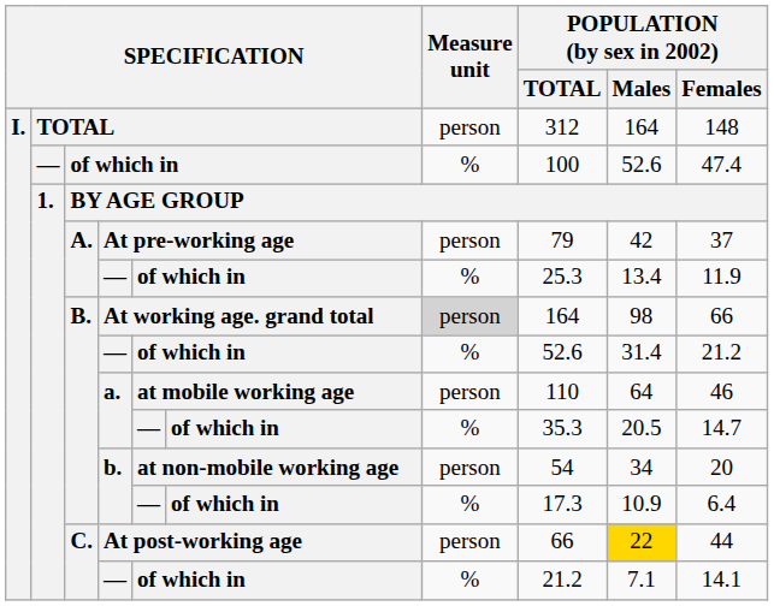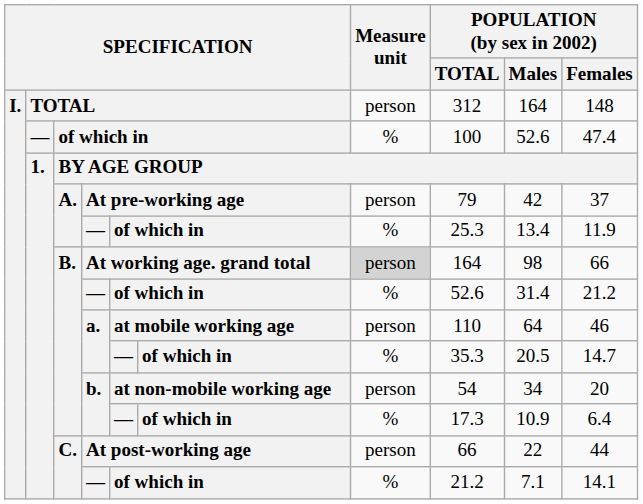 <table class="wikitable" style="font-size:85%; text-align:center">
 <tr>
 <th rowspan="2" colspan="6">SPECIFICATION</th>
 <th rowspan="2">Measure<br> unit</th>
 <th colspan="3" rowspan="1">POPULATION<br> (by sex in 2002)</th>
 </tr>
 <tr>
 <th>TOTAL</th>
 <th>Males</th>
 <th>Females</th>
 </tr>
 <tr>
 <th style="text-align:left" valign="top" rowspan="13">I.</th>
 <th style="text-align:left" colspan="5">TOTAL</th>
 <td>person</td>
 <td>312</td>
 <td>164</td>
 <td>148</td>
 </tr>
 <tr>
 <th style="text-align:left" valign="top">—</th>
 <th style="text-align:left" colspan="4">of which in</th>
 <td>%</td>
 <td>100</td>
 <td>52.6</td>
 <td>47.4</td>
 </tr>
 <tr>
 <th style="text-align:left" valign="top" rowspan="11">1.</th>
 <th style="text-align:left" colspan="19">BY AGE GROUP</th>
 </tr>
 <tr>
 <th style="text-align:left" valign="top" rowspan="2">A.</th>
 <th style="text-align:left" colspan="3">At pre-working age</th>
 <td>person</td>
 <td>79</td>
 <td>42</td>
 <td>37</td>
 </tr>
 <tr>
 <th style="text-align:left" valign="top">—</th>
 <th style="text-align:left" valign="top" colspan="2">of which in</th>
 <td>%</td>
 <td>25.3</td>
 <td>13.4</td>
 <td>11.9</td>
 </tr>
 <tr>
 <th style="text-align:left" valign="top" rowspan="6">B.</th>
 <th style="text-align:left" colspan="3">At working age. grand total</th>
 <td style="background: lightgrey;">person</td>
 <td>164</td>
 <td>98</td>
 <td>66</td>
 </tr>
 <tr>
 <th style="text-align:left" valign="top">—</th>
 <th style="text-align:left" valign="top" colspan="2">of which in</th>
 <td>%</td>
 <td>52.6</td>
 <td>31.4</td>
 <td>21.2</td>
 </tr>
 <tr>
 <th style="text-align:left" valign="top" rowspan="2">a.</th>
 <th style="text-align:left" colspan="2">at mobile working age</th>
 <td>person</td>
 <td>110</td>
 <td>64</td>
 <td>46</td>
 </tr>
 <tr>
 <th style="text-align:left" valign="top">—</th>
 <th style="text-align:left" valign="top" colspan="1">of which in                        </th>
 <td>%</td>
 <td>35.3</td>
 <td>20.5</td>
 <td>14.7</td>
 </tr>
 <tr>
 <th style="text-align:left" valign="top" rowspan="2">b.</th>
 <th style="text-align:left" colspan="2">at non-mobile working age</th>
 <td>person</td>
 <td>54</td>
 <td>34</td>
 <td>20</td>
 </tr>
 <tr>
 <th style="text-align:left" valign="top">—</th>
 <th style="text-align:left" valign="top" colspan="1">of which in                        </th>
 <td>%</td>
 <td>17.3</td>
 <td>10.9</td>
 <td>6.4</td>
 </tr>
 <tr>
 <th style="text-align:left" valign="top" rowspan="2">C.</th>
 <th style="text-align:left" colspan="3">At post-working age</th>
 <td>person</td>
 <td>66</td>
-<td style="background: gold;">22</td>
+<td>22</td>
 <td>44</td>
 </tr>
 <tr>
 <th style="text-align:left" valign="top">—</th>
 <th style="text-align:left" valign="top" colspan="2">of which in</th>
 <td>%</td>
 <td>21.2</td>
 <td>7.1</td>
 <td>14.1</td>
 </tr>
 </table>
